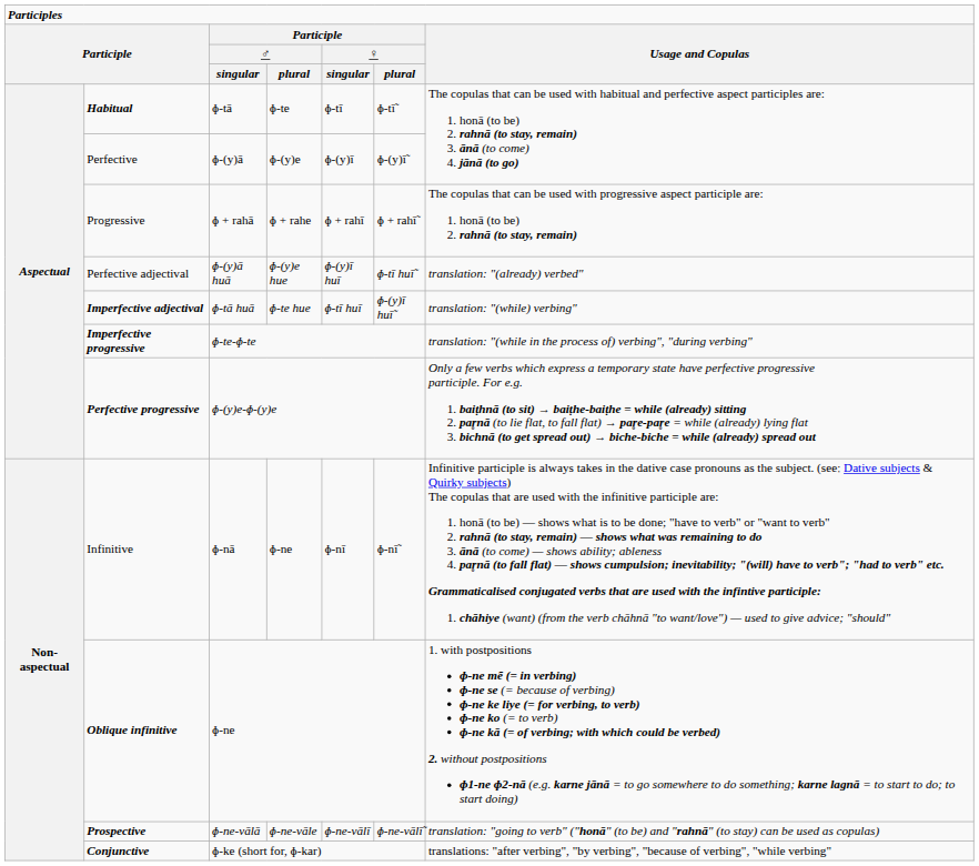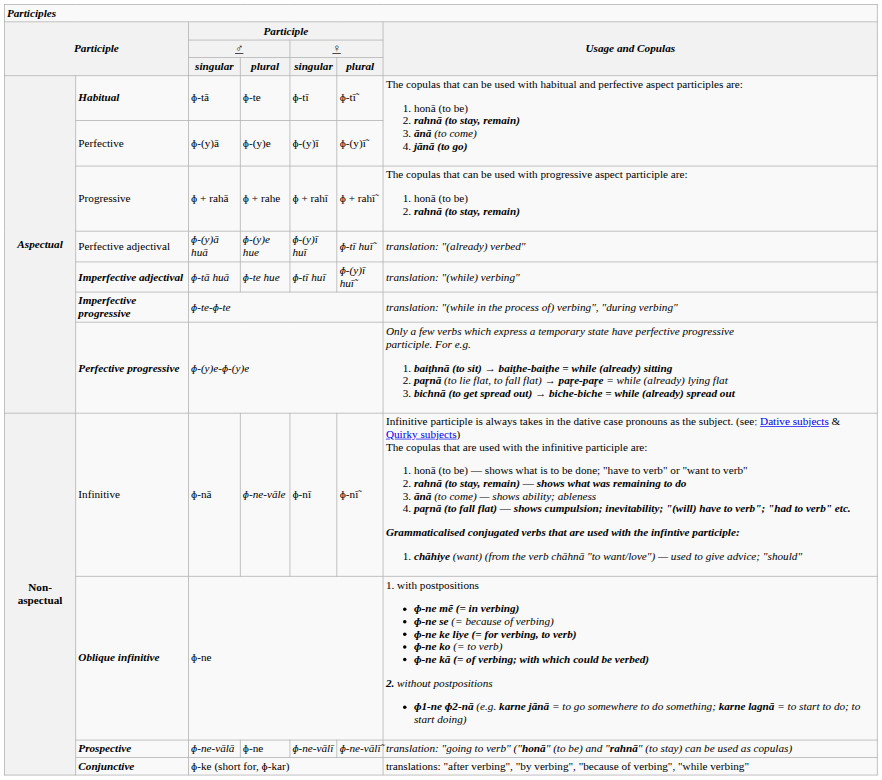 <table class="wikitable">
 <tr>
 <td colspan="7"><strong><em>Participles</em></strong></td>
 </tr>
 <tr>
 <th colspan="2" rowspan="3"><em>Participle</em></th>
 <th colspan="4"><em>Participle </em></th>
 <th rowspan="3"><em>Usage and Copulas </em></th>
 </tr>
 <tr>
 <th colspan="2"><strong><u><em>♂</em></u></strong></th>
 <th colspan="2"><strong><em><u>♀</u></em></strong></th>
 </tr>
 <tr>
 <th><em>singular</em></th>
 <th><em>plural</em></th>
 <th><em>singular</em></th>
 <th><em>plural</em></th>
 </tr>
 <tr>
 <th rowspan="7"><em>Aspectual</em></th>
 <td><strong><em>Habitual<strong> <em></td>
 <td></em>ɸ-tā<em></td>
 <td></em>ɸ-te<em></td>
 <td></em>ɸ-tī<em></td>
 <td></em>ɸ-tī̃<em></td>
 <td rowspan="2"></em>The copulas that can be used with habitual and perfective aspect participles are:<em><br><ol><li></em></strong>honā</strong> (to be)</em></li><li><strong><em>rahnā<strong> (to stay, remain)<em></li><li></em></strong>ānā</strong> (to come)</em></li><li><strong><em>jānā<strong> (to go)<em></li></ol></td>
 </tr>
 <tr>
 <td></em></strong>Perfective <strong><em></td>
 <td></em>ɸ-(y)ā<em></td>
 <td></em>ɸ-(y)e<em></td>
 <td></em>ɸ-(y)ī<em></td>
 <td></em>ɸ-(y)ī̃<em></td>
 </tr>
 <tr>
 <td></em></strong>Progressive <strong><em></td>
 <td></em>ɸ + rahā<em></td>
 <td></em>ɸ + rahe<em></td>
 <td></em>ɸ + rahī<em></td>
 <td></em>ɸ + rahī̃<em></td>
 <td></em>The copulas that can be used with progressive aspect participle are:<em><br><ol><li></em></strong>honā</strong> (to be)</em></li><li><strong><em>rahnā<strong> (to stay, remain)<em></li></ol></td>
 </tr>
 <tr>
 <td></em></strong>Perfective adjectival</strong> </em></td>
 <td><em>ɸ-(y)ā huā</em></td>
 <td><em>ɸ-(y)e hue</em></td>
 <td><em>ɸ-(y)ī huī</em></td>
 <td><em>ɸ-tī huī̃</em></td>
 <td><em>translation: "(already) verbed"</em></td>
 </tr>
 <tr>
 <td><strong><em>Imperfective adjectival</em></strong></td>
 <td><em>ɸ-tā huā</em></td>
 <td><em>ɸ-te hue</em></td>
 <td><em>ɸ-tī huī</em></td>
 <td><em>ɸ-(y)ī huī̃</em></td>
 <td><em>translation: "(while) verbing"</em></td>
 </tr>
 <tr>
 <td><strong><em>Imperfective progressive</em></strong></td>
 <td colspan="4"><em>ɸ-te-ɸ-te</em></td>
 <td><em>translation: "(while in the process of) verbing", "during verbing"</em></td>
 </tr>
 <tr>
 <td><strong><em>Perfective progressive</em></strong></td>
 <td colspan="4"><em>ɸ-(y)e-ɸ-(y)e</em></td>
 <td><em>Only a few verbs which express a temporary state have perfective progressive</em><br><em>participle. For e.g.</em><ol><li><strong><em>baiṭhnā<strong> (to sit) → </strong>baiṭhe-baiṭhe<strong> = while (already) sitting<em></li><li></em></strong>par̥nā</strong> (to lie flat, to fall flat) → <strong>par̥e-par̥e</strong> = while (already) lying flat</em></li><li><strong><em>bichnā<strong> (to get spread out) → </strong>biche-biche<strong> = while (already) spread out<em></li></ol></td>
 </tr>
 <tr>
 <th rowspan="4"></em>Non-aspectual<em></th>
 <td></em></strong>Infinitive<strong><em></td>
 <td></em>ɸ-nā<em></td>
-<td></em>ɸ-ne<em></td>
+<td><em>ɸ-ne-vāle</em></td>
 <td></em>ɸ-nī<em></td>
 <td></em>ɸ-nī̃<em></td>
 <td></em>Infinitive participle is always takes in the dative case pronouns as the subject. (seeː <a href='#'>Dative subjects</a> & <a href='#'>Quirky subjects</a>)<em><br></em>The copulas that are used with the infinitive participle are:<em><ol><li></em></strong>honā</strong> (to be) — shows what is to be done; "have to verb" or "want to verb"</em></li><li><strong><em>rahnā<strong> (to stay, remain) — shows what was remaining to do<em></li><li></em></strong>ānā</strong> (to come) — shows ability; ableness</em></li><li><strong><em>par̥nā<strong> (to fall flat) — shows cumpulsion; inevitability; "(will) have to verb"; "had to verb" etc.<em></li></ol></em>Grammaticalised conjugated verbs that are used with the infintive participle:<em><ol><li></em></strong>chāhiye</strong> (want) (from the verb chāhnā "to want/love") — used to give advice; "should"</em></li></ol></td>
 </tr>
 <tr>
 <td><strong><em>Oblique infinitive<strong><em></td>
 <td colspan="4"></em>ɸ-ne<em></td>
 <td></em></strong>1.</strong> with postpositions</em><br><ul><li><strong><em>ɸ-ne mẽ<strong> (= in verbing)<em></li><li></em></strong>ɸ-ne se</strong> (= because of verbing)</em></li><li><strong><em>ɸ-ne ke liye<strong> (= for verbing, to verb)<em></li><li></em></strong>ɸ-ne ko</strong> (= to verb)</em></li><li><strong><em>ɸ-ne kā<strong> (= of verbing; with which could be verbed)<em></li></ul></em></strong>2.</strong> without postpositions</em><ul><li><strong><em>ɸ1-ne<em> </em>ɸ2-nā</em></strong> <em>(e.g. <strong>karne jānā</strong> = to go somewhere to do something; <strong>karne lagnā</strong> = to start to do; to start doing)</em></li></ul></td>
 </tr>
 <tr>
 <td><strong><em>Prospective<strong> </strong></em></strong></td>
 <td><em>ɸ-ne-vālā</em></td>
-<td><em>ɸ-ne-vāle</em></td>
+<td></em>ɸ-ne<em></td>
 <td><em>ɸ-ne-vālī</em></td>
 <td><em>ɸ-ne-vālī̃</em></td>
 <td><em>translation: "going to verb" ("<strong>honā</strong>" (to be) and "<strong>rahnā</strong>" (to stay) can be used as copulas)</em></td>
 </tr>
 <tr>
 <td><strong><em>Conjunctive<strong> <em></td>
 <td colspan="4"></em>ɸ-ke (short for, ɸ-kar)<em></td>
 <td></em>translations: "after verbing", "by verbing", "because of verbing", "while verbing"<em></td>
 </tr>
 </table>
